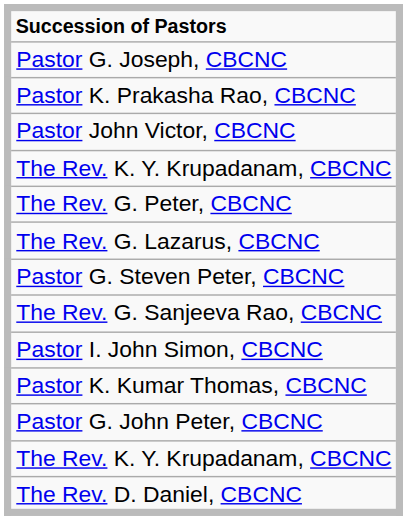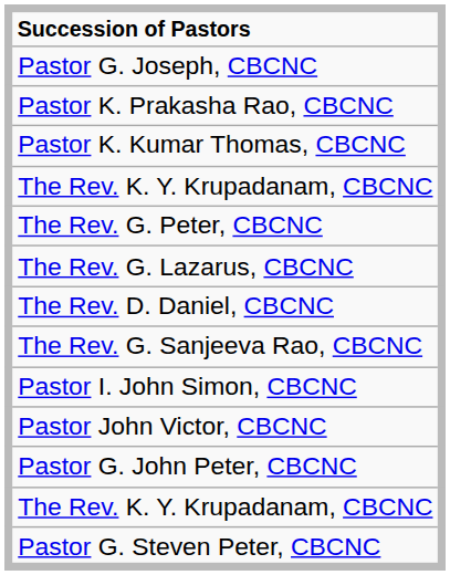 <table class="wikitable" style="border: 5px solid #BBB; margin: .96em 0 0 .9em;">
 <tr style="font-size: 86%;">
 <td><strong>Succession of Pastors</strong></td>
 </tr>
 <tr>
 <td><a href='#'>Pastor</a> G. Joseph, <a href='#'>CBCNC</a></td>
 </tr>
 <tr>
 <td><a href='#'>Pastor</a> K. Prakasha Rao, <a href='#'>CBCNC</a></td>
 </tr>
 <tr>
-<td><a href='#'>Pastor</a> John Victor, <a href='#'>CBCNC</a></td>
+<td><a href='#'>Pastor</a> K. Kumar Thomas, <a href='#'>CBCNC</a></td>
 </tr>
 <tr>
 <td><a href='#'>The Rev.</a> K. Y. Krupadanam, <a href='#'>CBCNC</a></td>
 </tr>
 <tr>
 <td><a href='#'>The Rev.</a> G. Peter, <a href='#'>CBCNC</a></td>
 </tr>
 <tr>
 <td><a href='#'>The Rev.</a> G. Lazarus, <a href='#'>CBCNC</a></td>
 </tr>
 <tr>
-<td><a href='#'>Pastor</a> G. Steven Peter, <a href='#'>CBCNC</a></td>
+<td><a href='#'>The Rev.</a> D. Daniel, <a href='#'>CBCNC</a></td>
 </tr>
 <tr>
 <td><a href='#'>The Rev.</a> G. Sanjeeva Rao, <a href='#'>CBCNC</a></td>
 </tr>
 <tr>
 <td><a href='#'>Pastor</a> I. John Simon, <a href='#'>CBCNC</a></td>
 </tr>
 <tr>
-<td><a href='#'>Pastor</a> K. Kumar Thomas, <a href='#'>CBCNC</a></td>
+<td><a href='#'>Pastor</a> John Victor, <a href='#'>CBCNC</a></td>
 </tr>
 <tr>
 <td><a href='#'>Pastor</a> G. John Peter, <a href='#'>CBCNC</a></td>
 </tr>
 <tr>
 <td><a href='#'>The Rev.</a> K. Y. Krupadanam, <a href='#'>CBCNC</a></td>
 </tr>
 <tr>
-<td><a href='#'>The Rev.</a> D. Daniel, <a href='#'>CBCNC</a></td>
+<td><a href='#'>Pastor</a> G. Steven Peter, <a href='#'>CBCNC</a></td>
 </tr>
 <tr>
 </tr>
 </table>
